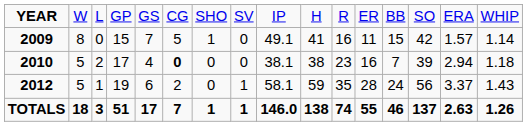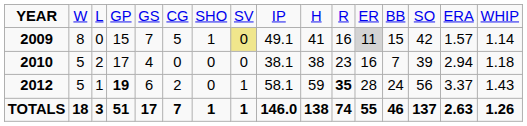 <table class="wikitable">
 <tr align=center>
 <td><strong>YEAR</strong></td>
 <td><a href='#'>W</a></td>
 <td><a href='#'>L</a></td>
 <td><a href='#'>GP</a></td>
 <td><a href='#'>GS</a></td>
 <td><a href='#'>CG</a></td>
 <td><a href='#'>SHO</a></td>
 <td><a href='#'>SV</a></td>
 <td><a href='#'>IP</a></td>
 <td><a href='#'>H</a></td>
 <td><a href='#'>R</a></td>
 <td><a href='#'>ER</a></td>
 <td><a href='#'>BB</a></td>
 <td><a href='#'>SO</a></td>
 <td><a href='#'>ERA</a></td>
 <td><a href='#'>WHIP</a></td>
 </tr>
 <tr align=center>
 <td><strong>2009</strong></td>
 <td>8</td>
 <td>0</td>
 <td>15</td>
 <td>7</td>
 <td>5</td>
 <td>1</td>
-<td>0</td>
+<td style="background: khaki;">0</td>
 <td>49.1</td>
 <td>41</td>
 <td>16</td>
-<td>11</td>
+<td style="background: lightgrey;">11</td>
 <td>15</td>
 <td>42</td>
 <td>1.57</td>
 <td>1.14</td>
 </tr>
 <tr align=center>
 <td><strong>2010</strong></td>
 <td>5</td>
 <td>2</td>
 <td>17</td>
 <td>4</td>
-<td><strong>0</strong></td>
+<td>0</td>
 <td>0</td>
 <td>0</td>
 <td>38.1</td>
 <td>38</td>
 <td>23</td>
 <td>16</td>
 <td>7</td>
 <td>39</td>
 <td>2.94</td>
 <td>1.18</td>
 </tr>
 <tr align=center>
 <td><strong>2012</strong></td>
 <td>5</td>
 <td>1</td>
-<td>19</td>
+<td><strong>19</strong></td>
 <td>6</td>
 <td>2</td>
 <td>0</td>
 <td>1</td>
 <td>58.1</td>
 <td>59</td>
-<td>35</td>
+<td><strong>35</strong></td>
 <td>28</td>
 <td>24</td>
 <td>56</td>
 <td>3.37</td>
 <td>1.43</td>
 </tr>
 <tr align=center>
 <td><strong>TOTALS</strong></td>
 <td><strong>18</strong></td>
 <td><strong>3</strong></td>
 <td><strong>51</strong></td>
 <td><strong>17</strong></td>
 <td><strong>7</strong></td>
 <td><strong>1</strong></td>
 <td><strong>1</strong></td>
 <td><strong>146.0</strong></td>
 <td><strong>138</strong></td>
 <td><strong>74</strong></td>
 <td><strong>55</strong></td>
 <td><strong>46</strong></td>
 <td><strong>137</strong></td>
 <td><strong>2.63</strong></td>
 <td><strong>1.26</strong></td>
 </tr>
 </table>
